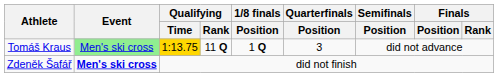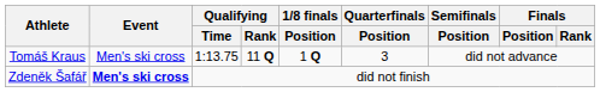 <table class="wikitable" style="font-size:90%">
 <tr>
 <th rowspan="2">Athlete</th>
 <th rowspan="2">Event</th>
 <th colspan="2">Qualifying</th>
 <th>1/8 finals</th>
 <th>Quarterfinals</th>
 <th>Semifinals</th>
 <th colspan=2>Finals</th>
 </tr>
 <tr>
 <th>Time</th>
 <th>Rank</th>
 <th>Position</th>
 <th>Position</th>
 <th>Position</th>
 <th>Position</th>
 <th>Rank</th>
 </tr>
 <tr align=center>
 <td><a href='#'>Tomáš Kraus</a></td>
-<td style="background: lightgreen;"><a href='#'>Men's ski cross</a></td>
-<td style="background: gold;">1:13.75</td>
+<td><a href='#'>Men's ski cross</a></td>
+<td>1:13.75</td>
 <td>11 <strong>Q</strong></td>
 <td>1 <strong>Q</strong></td>
 <td>3</td>
 <td colspan=3>did not advance</td>
 </tr>
 <tr align=center>
 <td><a href='#'>Zdeněk Šafář</a></td>
 <td><strong><a href='#'>Men's ski cross</a></strong></td>
 <td colspan=7>did not finish</td>
 </tr>
 </table>
